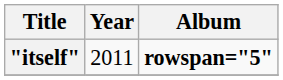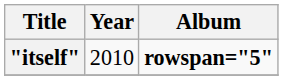 <table class="wikitable plainrowheaders" style="text-align:center;">
 <tr>
 <th scope="col">Title</th>
 <th scope="col">Year</th>
 <th scope="col">Album</th>
 </tr>
 <tr>
 <th scope="row">"itself"<br><span></span></th>
-<td>2011</td>
+<td>2010</td>
 <td><strong>rowspan="5" </strong></td>
 </tr>
 <tr>
 </tr>
 </table>
